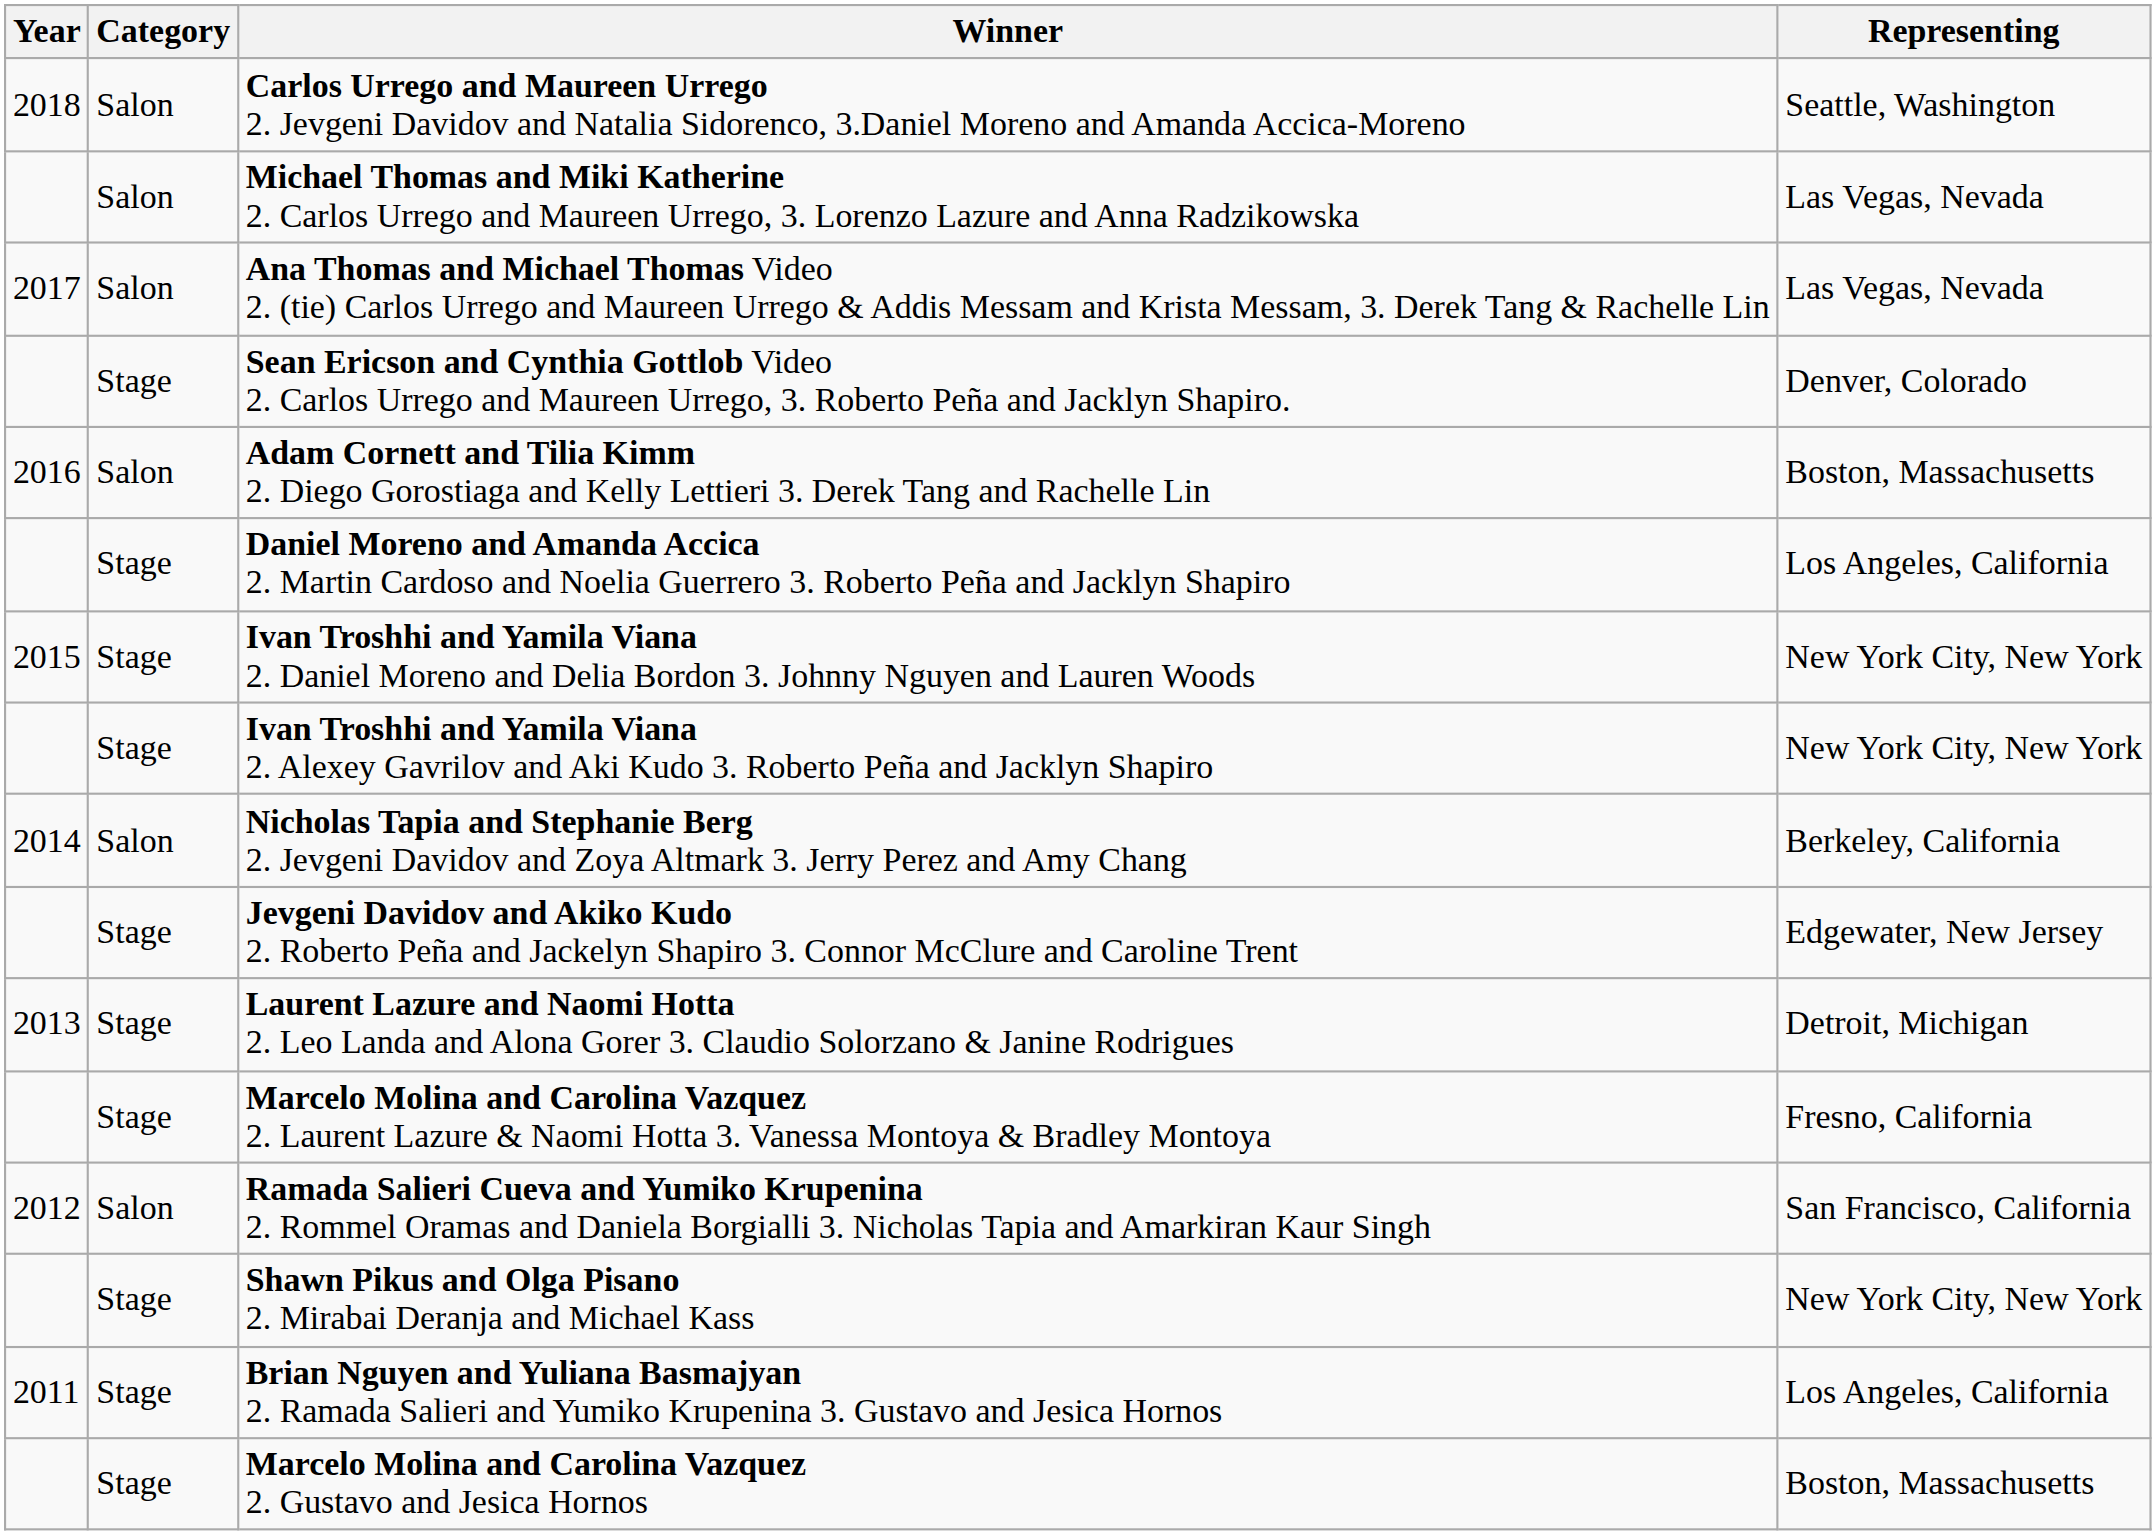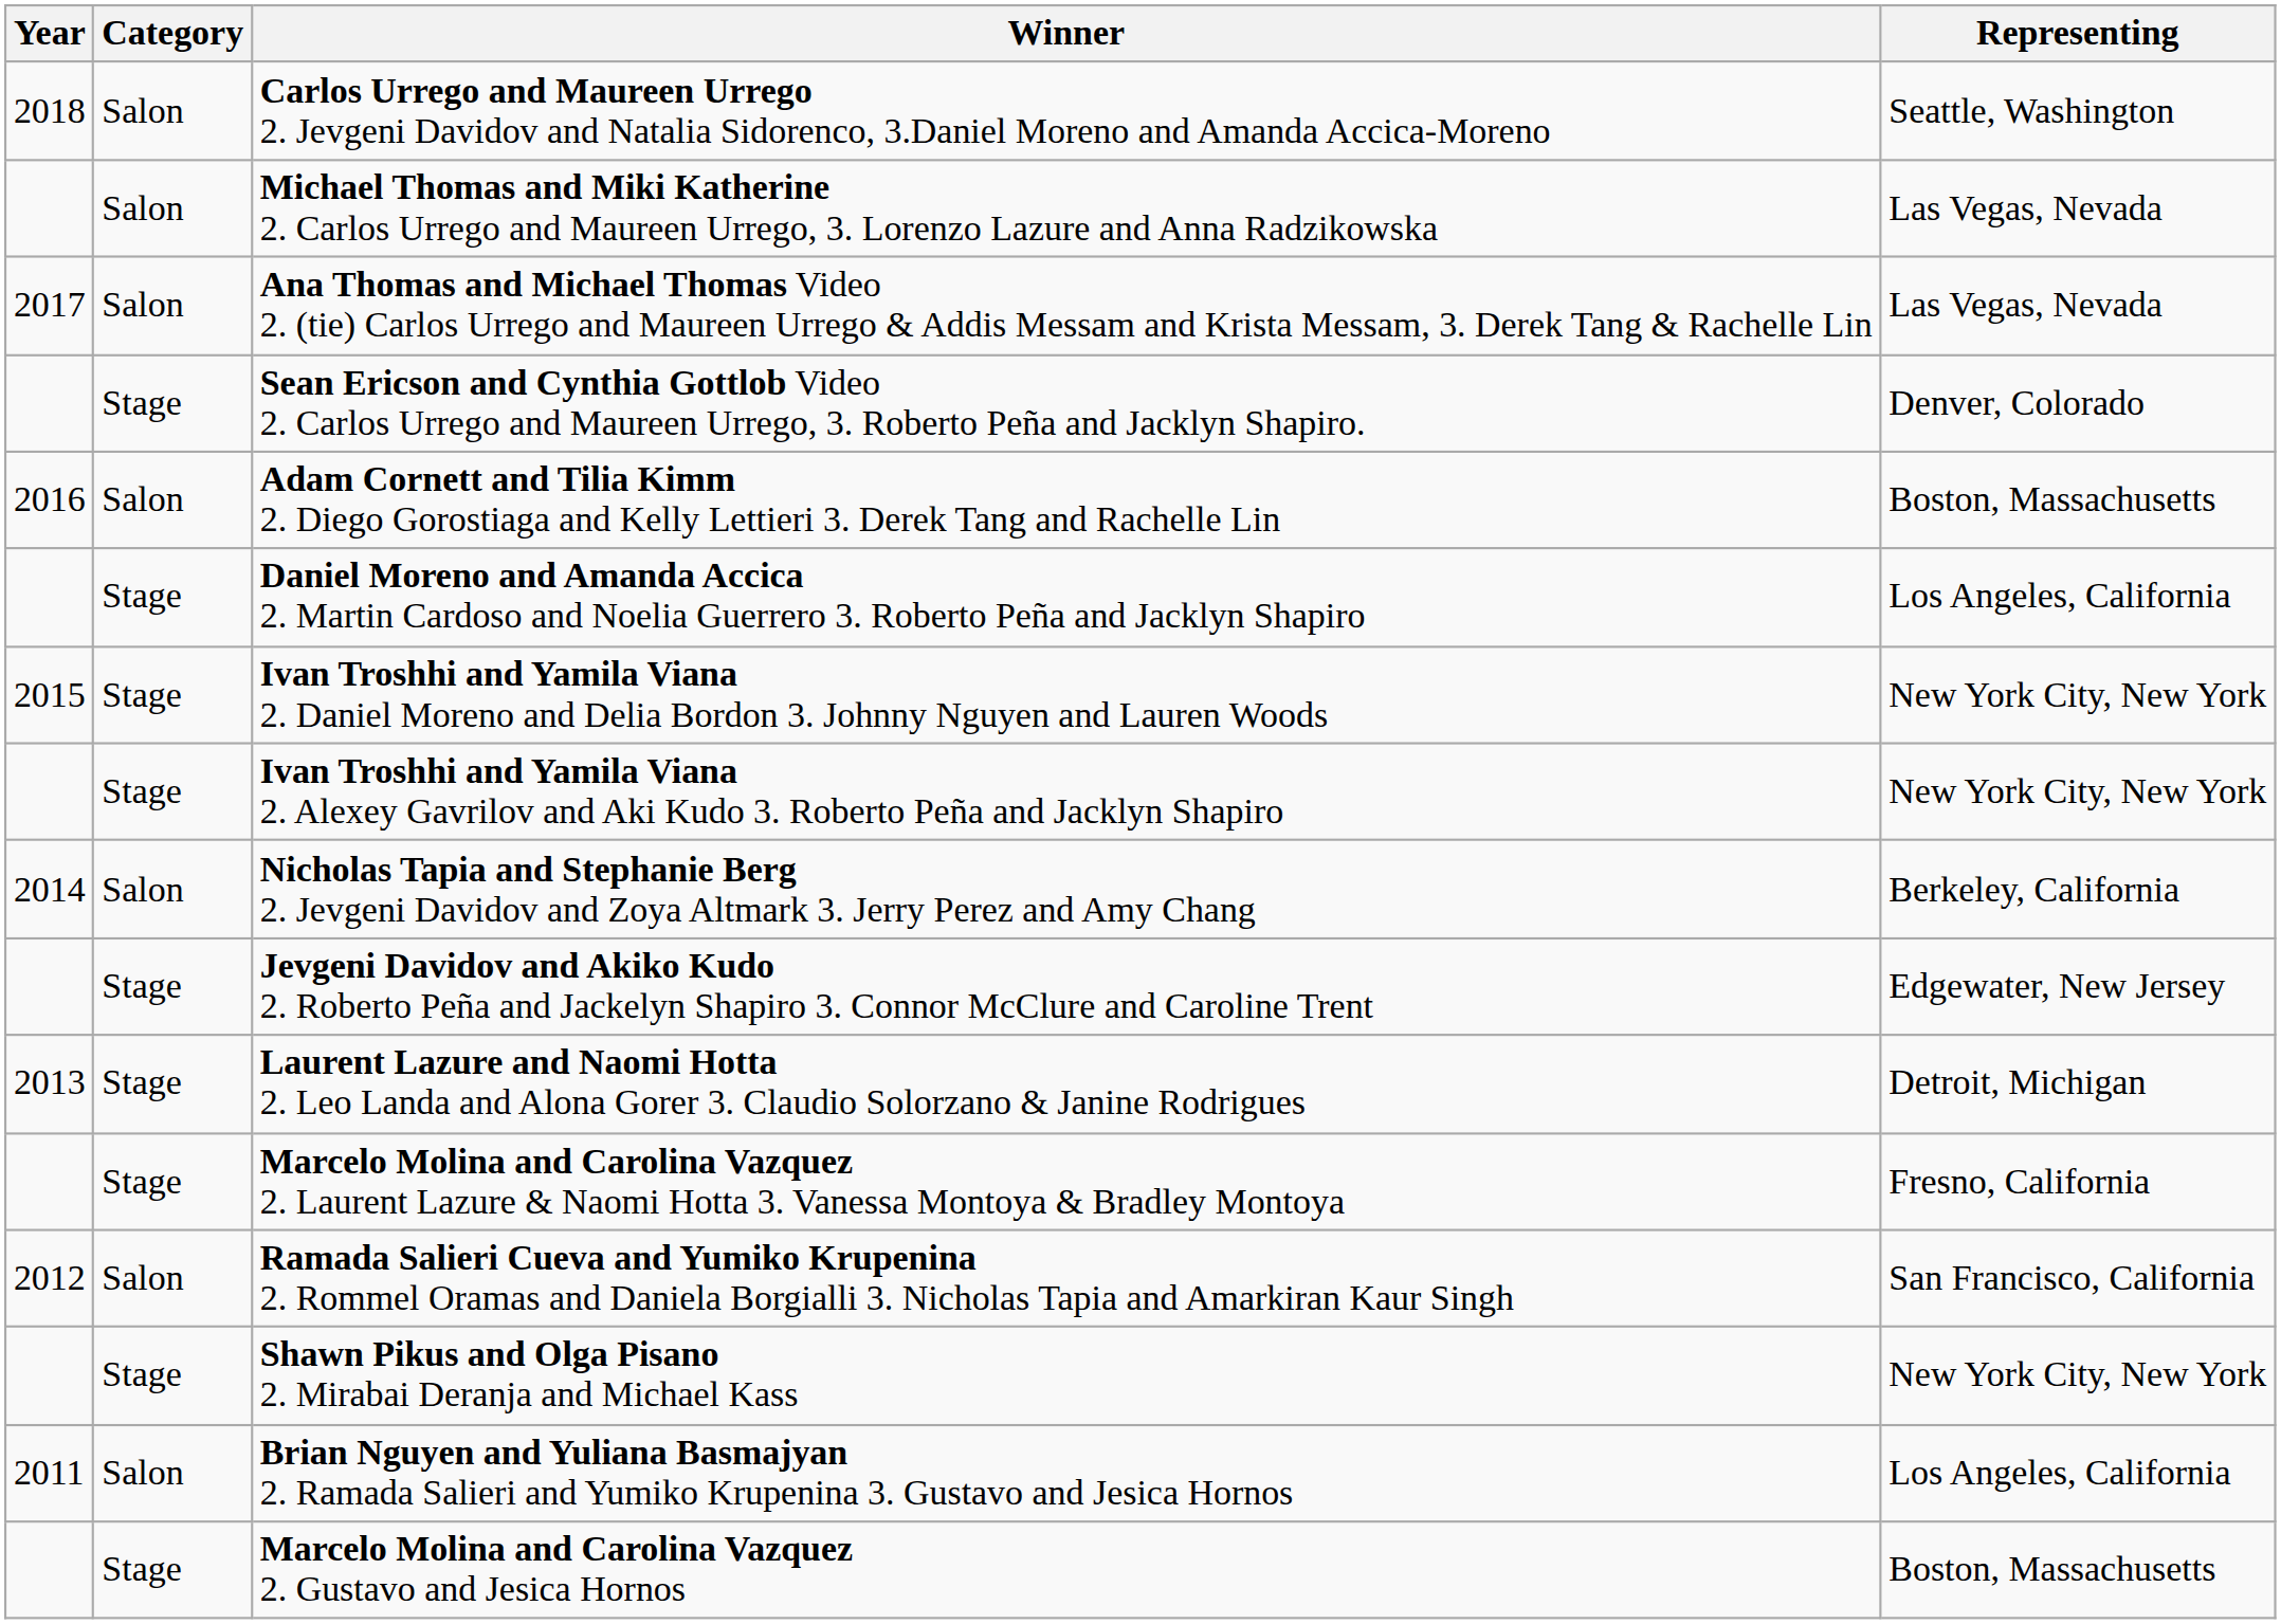 <table class="wikitable">
 <tr>
 <th>Year</th>
 <th>Category</th>
 <th>Winner</th>
 <th>Representing</th>
 </tr>
 <tr>
 <td>2018</td>
 <td>Salon</td>
 <td><strong>Carlos Urrego and Maureen Urrego</strong><br>2. Jevgeni Davidov and Natalia Sidorenco, 3.Daniel Moreno and Amanda Accica-Moreno</td>
 <td>Seattle, Washington</td>
 </tr>
 <tr>
 <td></td>
 <td>Salon</td>
 <td><strong>Michael Thomas and Miki Katherine</strong><br>2. Carlos Urrego and Maureen Urrego, 3. Lorenzo Lazure and Anna Radzikowska</td>
 <td>Las Vegas, Nevada</td>
 </tr>
 <tr>
 <td>2017</td>
 <td>Salon</td>
 <td><strong>Ana Thomas and Michael Thomas</strong> Video <br>2. (tie) Carlos Urrego and Maureen Urrego & Addis Messam and Krista Messam, 3. Derek Tang & Rachelle Lin</td>
 <td>Las Vegas, Nevada</td>
 </tr>
 <tr>
 <td></td>
 <td>Stage</td>
 <td><strong>Sean Ericson and Cynthia Gottlob</strong> Video<br>2. Carlos Urrego and Maureen Urrego, 3. Roberto Peña and Jacklyn Shapiro.</td>
 <td>Denver, Colorado</td>
 </tr>
 <tr>
 <td>2016</td>
 <td>Salon</td>
 <td><strong>Adam Cornett and Tilia Kimm</strong><br>2. Diego Gorostiaga and Kelly Lettieri 3. Derek Tang and Rachelle Lin</td>
 <td>Boston, Massachusetts</td>
 </tr>
 <tr>
 <td></td>
 <td>Stage</td>
 <td><strong>Daniel Moreno and Amanda Accica</strong><br>2. Martin Cardoso and Noelia Guerrero 3. Roberto Peña and Jacklyn Shapiro</td>
 <td>Los Angeles, California</td>
 </tr>
 <tr>
 <td>2015</td>
 <td>Stage</td>
 <td><strong>Ivan Troshhi and Yamila Viana</strong><br>2. Daniel Moreno and Delia Bordon 3. Johnny Nguyen and Lauren Woods</td>
 <td>New York City, New York</td>
 </tr>
 <tr>
 <td></td>
 <td>Stage</td>
 <td><strong>Ivan Troshhi and Yamila Viana</strong><br>2. Alexey Gavrilov and Aki Kudo 3. Roberto Peña and Jacklyn Shapiro</td>
 <td>New York City, New York</td>
 </tr>
 <tr>
 <td>2014</td>
 <td>Salon</td>
 <td><strong>Nicholas Tapia and Stephanie Berg</strong><br>2. Jevgeni Davidov and Zoya Altmark 3. Jerry Perez and Amy Chang</td>
 <td>Berkeley, California</td>
 </tr>
 <tr>
 <td></td>
 <td>Stage</td>
 <td><strong>Jevgeni Davidov and Akiko Kudo</strong><br>2. Roberto Peña and Jackelyn Shapiro 3. Connor McClure and Caroline Trent</td>
 <td>Edgewater, New Jersey</td>
 </tr>
 <tr>
 <td>2013</td>
 <td>Stage</td>
 <td><strong>Laurent Lazure and Naomi Hotta</strong><br>2. Leo Landa and Alona Gorer 3. Claudio Solorzano & Janine Rodrigues</td>
 <td>Detroit, Michigan</td>
 </tr>
 <tr>
 <td></td>
 <td>Stage</td>
 <td><strong>Marcelo Molina and Carolina Vazquez</strong><br>2. Laurent Lazure & Naomi Hotta 3. Vanessa Montoya & Bradley Montoya</td>
 <td>Fresno, California</td>
 </tr>
 <tr>
 <td>2012</td>
 <td>Salon</td>
 <td><strong>Ramada Salieri Cueva and Yumiko Krupenina</strong><br>2. Rommel Oramas and Daniela Borgialli 3. Nicholas Tapia and Amarkiran Kaur Singh</td>
 <td>San Francisco, California</td>
 </tr>
 <tr>
 <td></td>
 <td>Stage</td>
 <td><strong>Shawn Pikus and Olga Pisano</strong><br>2. Mirabai Deranja and Michael Kass</td>
 <td>New York City, New York</td>
 </tr>
 <tr>
 <td>2011</td>
-<td>Stage</td>
+<td>Salon</td>
 <td><strong>Brian Nguyen and Yuliana Basmajyan</strong><br>2. Ramada Salieri and Yumiko Krupenina 3. Gustavo and Jesica Hornos</td>
 <td>Los Angeles, California</td>
 </tr>
 <tr>
 <td></td>
 <td>Stage</td>
 <td><strong>Marcelo Molina and Carolina Vazquez</strong><br>2. Gustavo and Jesica Hornos</td>
 <td>Boston, Massachusetts</td>
 </tr>
 </table>
